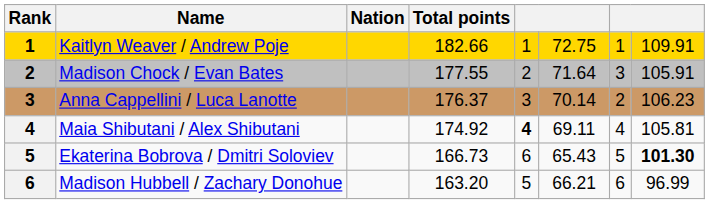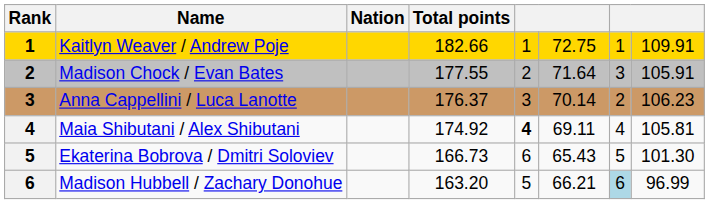 <table class="wikitable sortable">
 <tr>
 <th>Rank</th>
 <th>Name</th>
 <th>Nation</th>
 <th>Total points</th>
 <th colspan="2" width="80px"></th>
 <th colspan="2" width="80px"></th>
 </tr>
 <tr bgcolor="gold">
 <td align="center"><strong>1</strong></td>
 <td><a href='#'>Kaitlyn Weaver</a> / <a href='#'>Andrew Poje</a></td>
 <td></td>
 <td align="center">182.66</td>
 <td align="center">1</td>
 <td align="center">72.75</td>
 <td align="center">1</td>
 <td align="center">109.91</td>
 </tr>
 <tr bgcolor="silver">
 <td align="center"><strong>2</strong></td>
 <td><a href='#'>Madison Chock</a> / <a href='#'>Evan Bates</a></td>
 <td></td>
 <td align="center">177.55</td>
 <td align="center">2</td>
 <td align="center">71.64</td>
 <td align="center">3</td>
 <td align="center">105.91</td>
 </tr>
 <tr bgcolor="cc9966">
 <td align="center"><strong>3</strong></td>
 <td><a href='#'>Anna Cappellini</a> / <a href='#'>Luca Lanotte</a></td>
 <td></td>
 <td align="center">176.37</td>
 <td align="center">3</td>
 <td align="center">70.14</td>
 <td align="center">2</td>
 <td align="center">106.23</td>
 </tr>
 <tr>
 <th>4</th>
 <td><a href='#'>Maia Shibutani</a> / <a href='#'>Alex Shibutani</a></td>
 <td></td>
 <td align="center">174.92</td>
 <td align="center"><strong>4</strong></td>
 <td align="center">69.11</td>
 <td align="center">4</td>
 <td align="center">105.81</td>
 </tr>
 <tr>
 <th>5</th>
 <td><a href='#'>Ekaterina Bobrova</a> / <a href='#'>Dmitri Soloviev</a></td>
 <td></td>
 <td align="center">166.73</td>
 <td align="center">6</td>
 <td align="center">65.43</td>
 <td align="center">5</td>
-<td align="center"><strong>101.30</strong></td>
+<td align="center">101.30</td>
 </tr>
 <tr>
 <th>6</th>
 <td><a href='#'>Madison Hubbell</a> / <a href='#'>Zachary Donohue</a></td>
 <td></td>
 <td align="center">163.20</td>
 <td align="center">5</td>
 <td align="center">66.21</td>
-<td align="center">6</td>
+<td align="center" style="background: lightblue;">6</td>
 <td align="center">96.99</td>
 </tr>
 </table>
